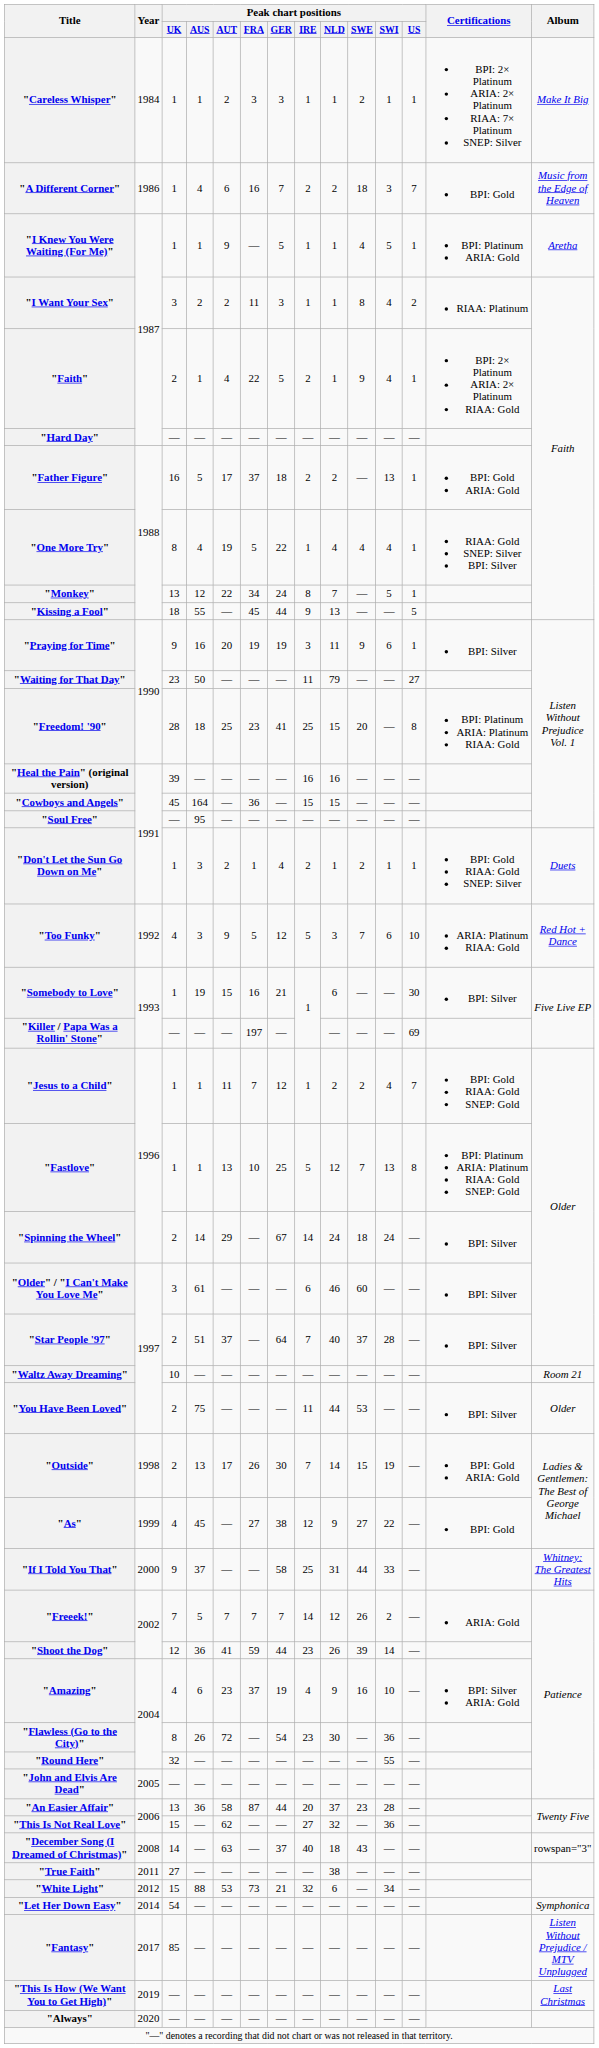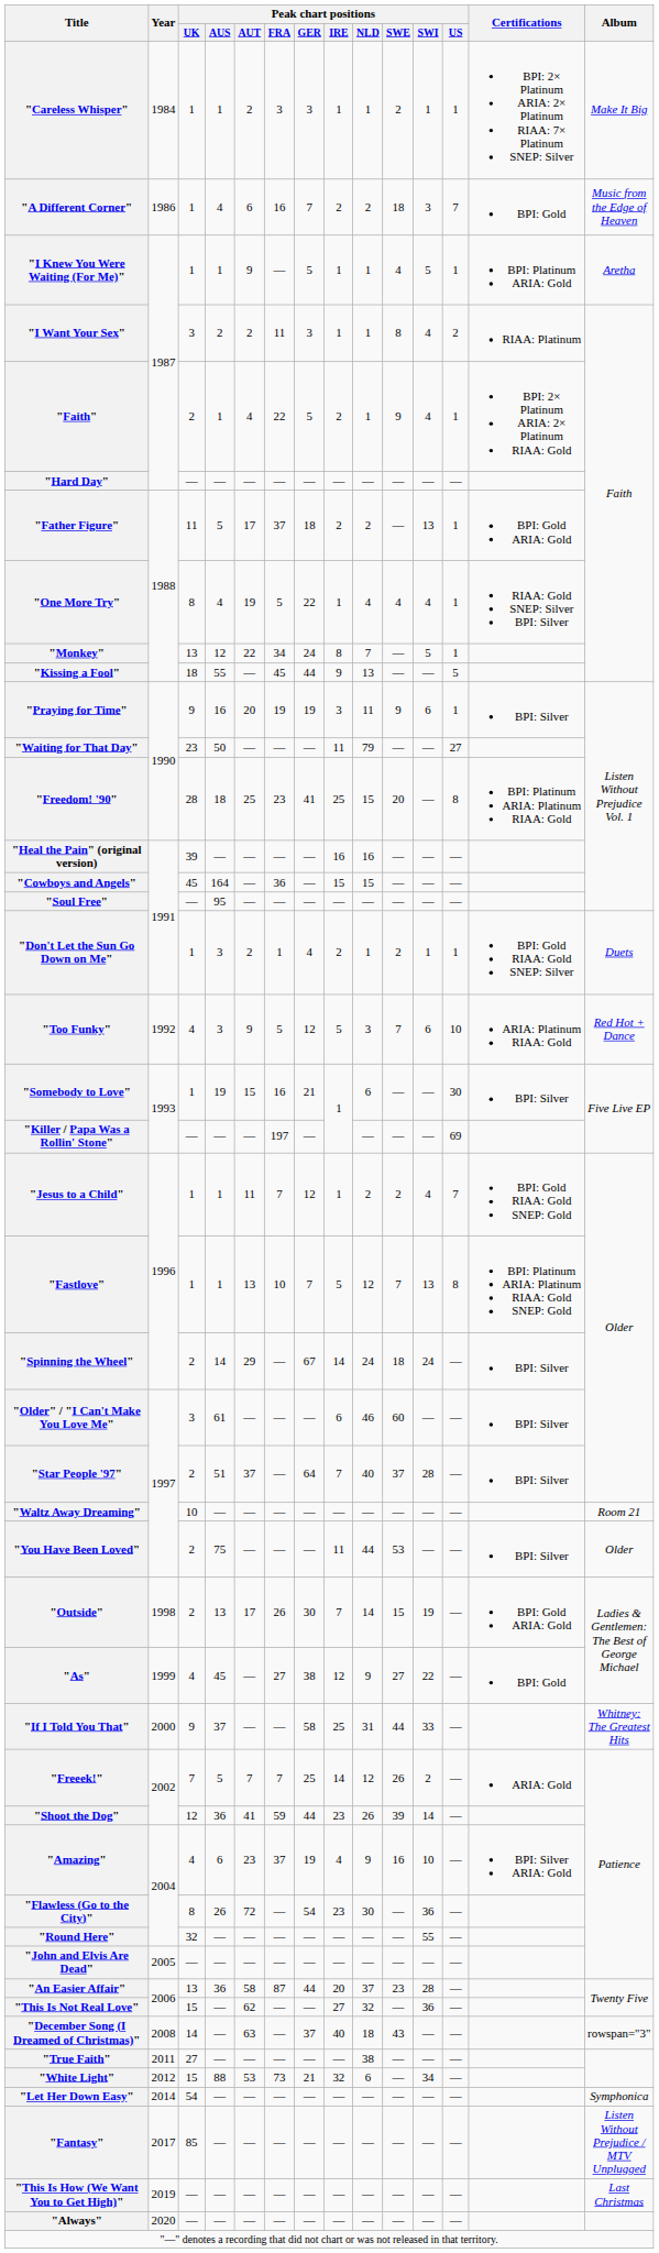 <table class="wikitable plainrowheaders" style="text-align:center;">
 <tr>
 <th scope="col" rowspan="2" style="width:17em;">Title</th>
 <th scope="col" rowspan="2">Year</th>
 <th scope="col" colspan="10">Peak chart positions</th>
 <th scope="col" rowspan="2" style="width:12em;"><a href='#'>Certifications</a></th>
 <th scope="col" rowspan="2">Album</th>
 </tr>
 <tr>
 <th scope="col" style="width:2.5em;font-size:90%;"><a href='#'>UK</a><br></th>
 <th scope="col" style="width:2.5em;font-size:90%;"><a href='#'>AUS</a><br></th>
 <th scope="col" style="width:2.5em;font-size:90%;"><a href='#'>AUT</a><br></th>
 <th scope="col" style="width:2.5em;font-size:90%;"><a href='#'>FRA</a><br></th>
 <th scope="col" style="width:2.5em;font-size:90%;"><a href='#'>GER</a><br></th>
 <th scope="col" style="width:2.5em;font-size:90%;"><a href='#'>IRE</a><br></th>
 <th scope="col" style="width:2.5em;font-size:90%;"><a href='#'>NLD</a><br></th>
 <th scope="col" style="width:2.5em;font-size:90%;"><a href='#'>SWE</a><br></th>
 <th scope="col" style="width:2.5em;font-size:90%;"><a href='#'>SWI</a><br></th>
 <th scope="col" style="width:2.5em;font-size:90%;"><a href='#'>US</a><br></th>
 </tr>
 <tr>
 <th scope="row">"<a href='#'>Careless Whisper</a>"</th>
 <td>1984</td>
 <td>1</td>
 <td>1</td>
 <td>2</td>
 <td>3</td>
 <td>3</td>
 <td>1</td>
 <td>1</td>
 <td>2</td>
 <td>1</td>
 <td>1</td>
 <td><br><ul><li>BPI: 2× Platinum</li><li>ARIA: 2× Platinum</li><li>RIAA: 7× Platinum</li><li>SNEP: Silver</li></ul></td>
 <td><em><a href='#'>Make It Big</a></em></td>
 </tr>
 <tr>
 <th scope="row">"<a href='#'>A Different Corner</a>"</th>
 <td>1986</td>
 <td>1</td>
 <td>4</td>
 <td>6</td>
 <td>16</td>
 <td>7</td>
 <td>2</td>
 <td>2</td>
 <td>18</td>
 <td>3</td>
 <td>7</td>
 <td><br><ul><li>BPI: Gold</li></ul></td>
 <td><em><a href='#'>Music from the Edge of Heaven</a></em></td>
 </tr>
 <tr>
 <th scope="row">"<a href='#'>I Knew You Were Waiting (For Me)</a>"<br></th>
 <td rowspan="4">1987</td>
 <td>1</td>
 <td>1</td>
 <td>9</td>
 <td>—</td>
 <td>5</td>
 <td>1</td>
 <td>1</td>
 <td>4</td>
 <td>5</td>
 <td>1</td>
 <td><br><ul><li>BPI: Platinum</li><li>ARIA: Gold</li></ul></td>
 <td><em><a href='#'>Aretha</a></em></td>
 </tr>
 <tr>
 <th scope="row">"<a href='#'>I Want Your Sex</a>"</th>
 <td>3</td>
 <td>2</td>
 <td>2</td>
 <td>11</td>
 <td>3</td>
 <td>1</td>
 <td>1</td>
 <td>8</td>
 <td>4</td>
 <td>2</td>
 <td><br><ul><li>RIAA: Platinum</li></ul></td>
 <td rowspan="7"><em>Faith</em></td>
 </tr>
 <tr>
 <th scope="row">"<a href='#'>Faith</a>"</th>
 <td>2</td>
 <td>1</td>
 <td>4</td>
 <td>22</td>
 <td>5</td>
 <td>2</td>
 <td>1</td>
 <td>9</td>
 <td>4</td>
 <td>1</td>
 <td><br><ul><li>BPI: 2× Platinum</li><li>ARIA: 2× Platinum</li><li>RIAA: Gold</li></ul></td>
 </tr>
 <tr>
 <th scope="row">"<a href='#'>Hard Day</a>"</th>
 <td>—</td>
 <td>—</td>
 <td>—</td>
 <td>—</td>
 <td>—</td>
 <td>—</td>
 <td>—</td>
 <td>—</td>
 <td>—</td>
 <td>—</td>
 <td></td>
 </tr>
 <tr>
 <th scope="row">"<a href='#'>Father Figure</a>"</th>
 <td rowspan="4">1988</td>
-<td>16</td>
+<td>11</td>
 <td>5</td>
 <td>17</td>
 <td>37</td>
 <td>18</td>
 <td>2</td>
 <td>2</td>
 <td>—</td>
 <td>13</td>
 <td>1</td>
 <td><br><ul><li>BPI: Gold</li><li>ARIA: Gold</li></ul></td>
 </tr>
 <tr>
 <th scope="row">"<a href='#'>One More Try</a>"</th>
 <td>8</td>
 <td>4</td>
 <td>19</td>
 <td>5</td>
 <td>22</td>
 <td>1</td>
 <td>4</td>
 <td>4</td>
 <td>4</td>
 <td>1</td>
 <td><br><ul><li>RIAA: Gold</li><li>SNEP: Silver</li><li>BPI: Silver</li></ul></td>
 </tr>
 <tr>
 <th scope="row">"<a href='#'>Monkey</a>"</th>
 <td>13</td>
 <td>12</td>
 <td>22</td>
 <td>34</td>
 <td>24</td>
 <td>8</td>
 <td>7</td>
 <td>—</td>
 <td>5</td>
 <td>1</td>
 <td></td>
 </tr>
 <tr>
 <th scope="row">"<a href='#'>Kissing a Fool</a>"</th>
 <td>18</td>
 <td>55</td>
 <td>—</td>
 <td>45</td>
 <td>44</td>
 <td>9</td>
 <td>13</td>
 <td>—</td>
 <td>—</td>
 <td>5</td>
 <td></td>
 </tr>
 <tr>
 <th scope="row">"<a href='#'>Praying for Time</a>"</th>
 <td rowspan="3">1990</td>
 <td>9</td>
 <td>16</td>
 <td>20</td>
 <td>19</td>
 <td>19</td>
 <td>3</td>
 <td>11</td>
 <td>9</td>
 <td>6</td>
 <td>1</td>
 <td><br><ul><li>BPI: Silver</li></ul></td>
 <td rowspan="6"><em>Listen Without Prejudice Vol. 1</em></td>
 </tr>
 <tr>
 <th scope="row">"<a href='#'>Waiting for That Day</a>"</th>
 <td>23</td>
 <td>50</td>
 <td>—</td>
 <td>—</td>
 <td>—</td>
 <td>11</td>
 <td>79</td>
 <td>—</td>
 <td>—</td>
 <td>27</td>
 <td></td>
 </tr>
 <tr>
 <th scope="row">"<a href='#'>Freedom! '90</a>"</th>
 <td>28</td>
 <td>18</td>
 <td>25</td>
 <td>23</td>
 <td>41</td>
 <td>25</td>
 <td>15</td>
 <td>20</td>
 <td>—</td>
 <td>8</td>
 <td><br><ul><li>BPI: Platinum</li><li>ARIA: Platinum</li><li>RIAA: Gold</li></ul></td>
 </tr>
 <tr>
 <th scope="row">"<a href='#'>Heal the Pain</a>" (original version)</th>
 <td rowspan="4">1991</td>
 <td>39</td>
 <td>—</td>
 <td>—</td>
 <td>—</td>
 <td>—</td>
 <td>16</td>
 <td>16</td>
 <td>—</td>
 <td>—</td>
 <td>—</td>
 <td></td>
 </tr>
 <tr>
 <th scope="row">"<a href='#'>Cowboys and Angels</a>"</th>
 <td>45</td>
 <td>164</td>
 <td>—</td>
 <td>36</td>
 <td>—</td>
 <td>15</td>
 <td>15</td>
 <td>—</td>
 <td>—</td>
 <td>—</td>
 <td></td>
 </tr>
 <tr>
 <th scope="row">"<a href='#'>Soul Free</a>"</th>
 <td>—</td>
 <td>95</td>
 <td>—</td>
 <td>—</td>
 <td>—</td>
 <td>—</td>
 <td>—</td>
 <td>—</td>
 <td>—</td>
 <td>—</td>
 <td></td>
 </tr>
 <tr>
 <th scope="row">"<a href='#'>Don't Let the Sun Go Down on Me</a>"<br></th>
 <td>1</td>
 <td>3</td>
 <td>2</td>
 <td>1</td>
 <td>4</td>
 <td>2</td>
 <td>1</td>
 <td>2</td>
 <td>1</td>
 <td>1</td>
 <td><br><ul><li>BPI: Gold</li><li>RIAA: Gold</li><li>SNEP: Silver</li></ul></td>
 <td><em><a href='#'>Duets</a></em></td>
 </tr>
 <tr>
 <th scope="row">"<a href='#'>Too Funky</a>"</th>
 <td>1992</td>
 <td>4</td>
 <td>3</td>
 <td>9</td>
 <td>5</td>
 <td>12</td>
 <td>5</td>
 <td>3</td>
 <td>7</td>
 <td>6</td>
 <td>10</td>
 <td><br><ul><li>ARIA: Platinum</li><li>RIAA: Gold</li></ul></td>
 <td><em><a href='#'>Red Hot + Dance</a></em></td>
 </tr>
 <tr>
 <th scope="row">"<a href='#'>Somebody to Love</a>"<br></th>
 <td rowspan="2">1993</td>
 <td>1</td>
 <td>19</td>
 <td>15</td>
 <td>16</td>
 <td>21</td>
 <td rowspan="2">1</td>
 <td>6</td>
 <td>—</td>
 <td>—</td>
 <td>30</td>
 <td><br><ul><li>BPI: Silver</li></ul></td>
 <td rowspan="2"><em>Five Live EP</em></td>
 </tr>
 <tr>
 <th scope="row">"<a href='#'>Killer</a> / <a href='#'>Papa Was a Rollin' Stone</a>"</th>
 <td>—</td>
 <td>—</td>
 <td>—</td>
 <td>197</td>
 <td>—</td>
 <td>—</td>
 <td>—</td>
 <td>—</td>
 <td>69</td>
 <td></td>
 </tr>
 <tr>
 <th scope="row">"<a href='#'>Jesus to a Child</a>"</th>
 <td rowspan="3">1996</td>
 <td>1</td>
 <td>1</td>
 <td>11</td>
 <td>7</td>
 <td>12</td>
 <td>1</td>
 <td>2</td>
 <td>2</td>
 <td>4</td>
 <td>7</td>
 <td><br><ul><li>BPI: Gold</li><li>RIAA: Gold</li><li>SNEP: Gold</li></ul></td>
 <td rowspan="5"><em>Older</em></td>
 </tr>
 <tr>
 <th scope="row">"<a href='#'>Fastlove</a>"</th>
 <td>1</td>
 <td>1</td>
 <td>13</td>
 <td>10</td>
-<td>25</td>
+<td>7</td>
 <td>5</td>
 <td>12</td>
 <td>7</td>
 <td>13</td>
 <td>8</td>
 <td><br><ul><li>BPI: Platinum</li><li>ARIA: Platinum</li><li>RIAA: Gold</li><li>SNEP: Gold</li></ul></td>
 </tr>
 <tr>
 <th scope="row">"<a href='#'>Spinning the Wheel</a>"</th>
 <td>2</td>
 <td>14</td>
 <td>29</td>
 <td>—</td>
 <td>67</td>
 <td>14</td>
 <td>24</td>
 <td>18</td>
 <td>24</td>
 <td>—</td>
 <td><br><ul><li>BPI: Silver</li></ul></td>
 </tr>
 <tr>
 <th scope="row">"<a href='#'>Older</a>" /  "<a href='#'>I Can't Make You Love Me</a>"</th>
 <td rowspan="4">1997</td>
 <td>3</td>
 <td>61</td>
 <td>—</td>
 <td>—</td>
 <td>—</td>
 <td>6</td>
 <td>46</td>
 <td>60</td>
 <td>—</td>
 <td>—</td>
 <td><br><ul><li>BPI: Silver</li></ul></td>
 </tr>
 <tr>
 <th scope="row">"<a href='#'>Star People '97</a>"</th>
 <td>2</td>
 <td>51</td>
 <td>37</td>
 <td>—</td>
 <td>64</td>
 <td>7</td>
 <td>40</td>
 <td>37</td>
 <td>28</td>
 <td>—</td>
 <td><br><ul><li>BPI: Silver</li></ul></td>
 </tr>
 <tr>
 <th scope="row">"<a href='#'>Waltz Away Dreaming</a>"<br></th>
 <td>10</td>
 <td>—</td>
 <td>—</td>
 <td>—</td>
 <td>—</td>
 <td>—</td>
 <td>—</td>
 <td>—</td>
 <td>—</td>
 <td>—</td>
 <td></td>
 <td><em>Room 21</em></td>
 </tr>
 <tr>
 <th scope="row">"<a href='#'>You Have Been Loved</a>"</th>
 <td>2</td>
 <td>75</td>
 <td>—</td>
 <td>—</td>
 <td>—</td>
 <td>11</td>
 <td>44</td>
 <td>53</td>
 <td>—</td>
 <td>—</td>
 <td><br><ul><li>BPI: Silver</li></ul></td>
 <td><em>Older</em></td>
 </tr>
 <tr>
 <th scope="row">"<a href='#'>Outside</a>"</th>
 <td>1998</td>
 <td>2</td>
 <td>13</td>
 <td>17</td>
 <td>26</td>
 <td>30</td>
 <td>7</td>
 <td>14</td>
 <td>15</td>
 <td>19</td>
 <td>—</td>
 <td><br><ul><li>BPI: Gold</li><li>ARIA: Gold</li></ul></td>
 <td rowspan="2"><em>Ladies & Gentlemen: The Best of George Michael</em></td>
 </tr>
 <tr>
 <th scope="row">"<a href='#'>As</a>"<br></th>
 <td>1999</td>
 <td>4</td>
 <td>45</td>
 <td>—</td>
 <td>27</td>
 <td>38</td>
 <td>12</td>
 <td>9</td>
 <td>27</td>
 <td>22</td>
 <td>—</td>
 <td><br><ul><li>BPI: Gold</li></ul></td>
 </tr>
 <tr>
 <th scope="row">"<a href='#'>If I Told You That</a>"<br></th>
 <td>2000</td>
 <td>9</td>
 <td>37</td>
 <td>—</td>
 <td>—</td>
 <td>58</td>
 <td>25</td>
 <td>31</td>
 <td>44</td>
 <td>33</td>
 <td>—</td>
 <td></td>
 <td><em><a href='#'>Whitney: The Greatest Hits</a></em></td>
 </tr>
 <tr>
 <th scope="row">"<a href='#'>Freeek!</a>"</th>
 <td rowspan="2">2002</td>
 <td>7</td>
 <td>5</td>
 <td>7</td>
 <td>7</td>
-<td>7</td>
+<td>25</td>
 <td>14</td>
 <td>12</td>
 <td>26</td>
 <td>2</td>
 <td>—</td>
 <td><br><ul><li>ARIA: Gold</li></ul></td>
 <td rowspan="6"><em>Patience</em></td>
 </tr>
 <tr>
 <th scope="row">"<a href='#'>Shoot the Dog</a>"</th>
 <td>12</td>
 <td>36</td>
 <td>41</td>
 <td>59</td>
 <td>44</td>
 <td>23</td>
 <td>26</td>
 <td>39</td>
 <td>14</td>
 <td>—</td>
 <td></td>
 </tr>
 <tr>
 <th scope="row">"<a href='#'>Amazing</a>"</th>
 <td rowspan="3">2004</td>
 <td>4</td>
 <td>6</td>
 <td>23</td>
 <td>37</td>
 <td>19</td>
 <td>4</td>
 <td>9</td>
 <td>16</td>
 <td>10</td>
 <td>—</td>
 <td><br><ul><li>BPI: Silver</li><li>ARIA: Gold</li></ul></td>
 </tr>
 <tr>
 <th scope="row">"<a href='#'>Flawless (Go to the City)</a>"</th>
 <td>8</td>
 <td>26</td>
 <td>72</td>
 <td>—</td>
 <td>54</td>
 <td>23</td>
 <td>30</td>
 <td>—</td>
 <td>36</td>
 <td>—</td>
 <td></td>
 </tr>
 <tr>
 <th scope="row">"<a href='#'>Round Here</a>"</th>
 <td>32</td>
 <td>—</td>
 <td>—</td>
 <td>—</td>
 <td>—</td>
 <td>—</td>
 <td>—</td>
 <td>—</td>
 <td>55</td>
 <td>—</td>
 <td></td>
 </tr>
 <tr>
 <th scope="row">"<a href='#'>John and Elvis Are Dead</a>"</th>
 <td>2005</td>
 <td>—</td>
 <td>—</td>
 <td>—</td>
 <td>—</td>
 <td>—</td>
 <td>—</td>
 <td>—</td>
 <td>—</td>
 <td>—</td>
 <td>—</td>
 <td></td>
 </tr>
 <tr>
 <th scope="row">"<a href='#'>An Easier Affair</a>"</th>
 <td rowspan="2">2006</td>
 <td>13</td>
 <td>36</td>
 <td>58</td>
 <td>87</td>
 <td>44</td>
 <td>20</td>
 <td>37</td>
 <td>23</td>
 <td>28</td>
 <td>—</td>
 <td></td>
 <td rowspan="2"><em>Twenty Five</em></td>
 </tr>
 <tr>
 <th scope="row">"<a href='#'>This Is Not Real Love</a>"<br></th>
 <td>15</td>
 <td>—</td>
 <td>62</td>
 <td>—</td>
 <td>—</td>
 <td>27</td>
 <td>32</td>
 <td>—</td>
 <td>36</td>
 <td>—</td>
 <td></td>
 </tr>
 <tr>
 <th scope="row">"<a href='#'>December Song (I Dreamed of Christmas)</a>"</th>
 <td>2008</td>
 <td>14</td>
 <td>—</td>
 <td>63</td>
 <td>—</td>
 <td>37</td>
 <td>40</td>
 <td>18</td>
 <td>43</td>
 <td>—</td>
 <td>—</td>
 <td></td>
 <td>rowspan="3" </td>
 </tr>
 <tr>
 <th scope="row">"<a href='#'>True Faith</a>"</th>
 <td>2011</td>
 <td>27</td>
 <td>—</td>
 <td>—</td>
 <td>—</td>
 <td>—</td>
 <td>—</td>
 <td>38</td>
 <td>—</td>
 <td>—</td>
 <td>—</td>
 <td></td>
 </tr>
 <tr>
 <th scope="row">"<a href='#'>White Light</a>"</th>
 <td>2012</td>
 <td>15</td>
 <td>88</td>
 <td>53</td>
 <td>73</td>
 <td>21</td>
 <td>32</td>
 <td>6</td>
 <td>—</td>
 <td>34</td>
 <td>—</td>
 <td></td>
 </tr>
 <tr>
 <th scope="row">"<a href='#'>Let Her Down Easy</a>"</th>
 <td>2014</td>
 <td>54</td>
 <td>—</td>
 <td>—</td>
 <td>—</td>
 <td>—</td>
 <td>—</td>
 <td>—</td>
 <td>—</td>
 <td>—</td>
 <td>—</td>
 <td></td>
 <td><em>Symphonica</em></td>
 </tr>
 <tr>
 <th scope="row">"<a href='#'>Fantasy</a>"<br></th>
 <td>2017</td>
 <td>85</td>
 <td>—</td>
 <td>—</td>
 <td>—</td>
 <td>—</td>
 <td>—</td>
 <td>—</td>
 <td>—</td>
 <td>—</td>
 <td>—</td>
 <td></td>
 <td><em><a href='#'>Listen Without Prejudice / MTV Unplugged</a></em></td>
 </tr>
 <tr>
 <th scope="row">"<a href='#'>This Is How (We Want You to Get High)</a>"</th>
 <td>2019</td>
 <td>—</td>
 <td>—</td>
 <td>—</td>
 <td>—</td>
 <td>—</td>
 <td>—</td>
 <td>—</td>
 <td>—</td>
 <td>—</td>
 <td>—</td>
 <td></td>
 <td><em><a href='#'>Last Christmas</a></em></td>
 </tr>
 <tr>
 <th scope="row">"Always"<br></th>
 <td>2020</td>
 <td>—</td>
 <td>—</td>
 <td>—</td>
 <td>—</td>
 <td>—</td>
 <td>—</td>
 <td>—</td>
 <td>—</td>
 <td>—</td>
 <td>—</td>
 <td></td>
 <td></td>
 </tr>
 <tr>
 <td colspan="16" style="font-size:90%">"—" denotes a recording that did not chart or was not released in that territory.</td>
 </tr>
 </table>
